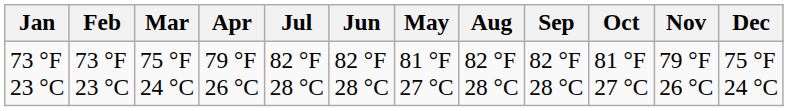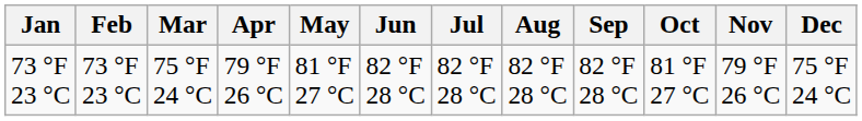 <table class="wikitable">
 <tr>
 <th>Jan</th>
 <th>Feb</th>
 <th>Mar</th>
 <th>Apr</th>
+<th>May</th>
+<th>Jun</th>
 <th>Jul</th>
-<th>Jun</th>
-<th>May</th>
 <th>Aug</th>
 <th>Sep</th>
 <th>Oct</th>
 <th>Nov</th>
 <th>Dec</th>
 </tr>
 <tr>
 <td>73 °F<br>23 °C</td>
 <td>73 °F<br>23 °C</td>
 <td>75 °F<br>24 °C</td>
 <td>79 °F<br>26 °C</td>
+<td>81 °F<br>27 °C</td>
 <td>82 °F<br>28 °C</td>
 <td>82 °F<br>28 °C</td>
-<td>81 °F<br>27 °C</td>
 <td>82 °F<br>28 °C</td>
 <td>82 °F<br>28 °C</td>
 <td>81 °F<br>27 °C</td>
 <td>79 °F<br>26 °C</td>
 <td>75 °F<br>24 °C</td>
 </tr>
 </table>
